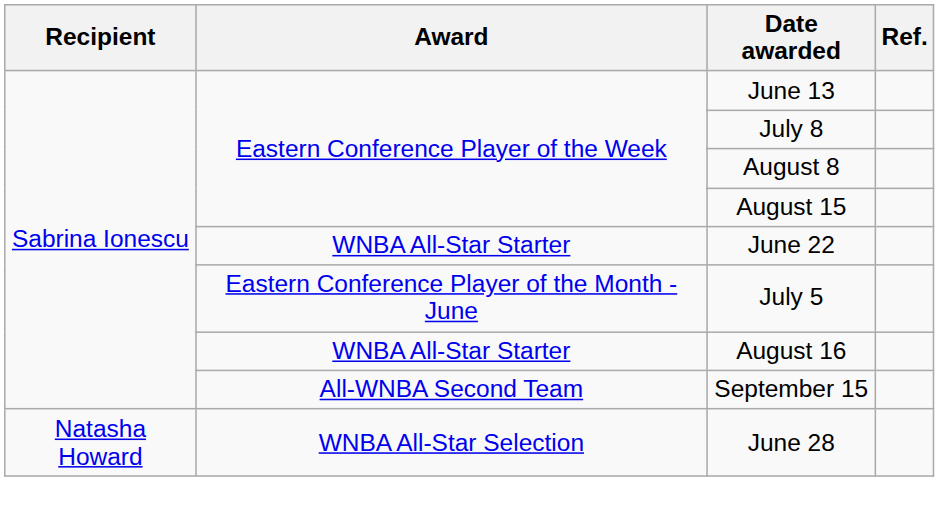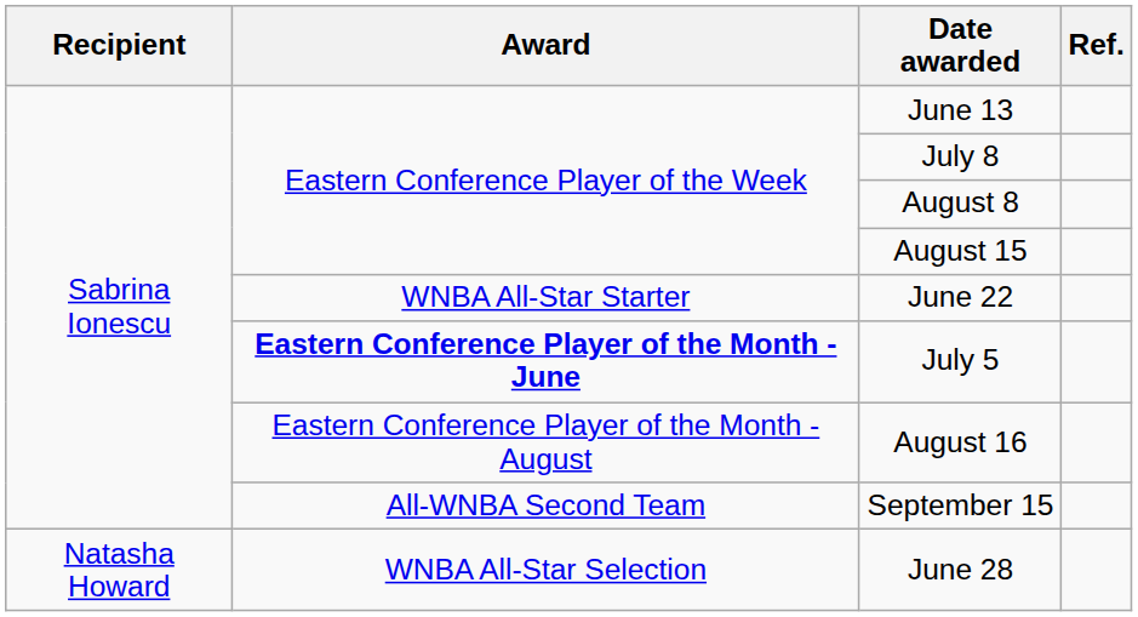 <table class="wikitable sortable sortable" style="text-align: center">
 <tr>
 <th>Recipient</th>
 <th>Award</th>
 <th>Date awarded</th>
 <th>Ref.</th>
 </tr>
 <tr>
 <td rowspan=8><a href='#'>Sabrina Ionescu</a></td>
 <td rowspan=4><a href='#'>Eastern Conference Player of the Week</a></td>
 <td>June 13</td>
 <td></td>
 </tr>
 <tr>
 <td>July 8</td>
 <td></td>
 </tr>
 <tr>
 <td>August 8</td>
 <td></td>
 </tr>
 <tr>
 <td>August 15</td>
 <td></td>
 </tr>
 <tr>
 <td><a href='#'>WNBA All-Star Starter</a></td>
 <td>June 22</td>
 <td></td>
 </tr>
 <tr>
-<td><a href='#'>Eastern Conference Player of the Month - June</a></td>
+<td><strong><a href='#'>Eastern Conference Player of the Month - June</a></strong></td>
 <td>July 5</td>
 <td></td>
 </tr>
 <tr>
-<td><a href='#'>WNBA All-Star Starter</a></td>
+<td><a href='#'>Eastern Conference Player of the Month - August</a></td>
 <td>August 16</td>
 <td></td>
 </tr>
 <tr>
 <td><a href='#'>All-WNBA Second Team</a></td>
 <td>September 15</td>
 <td></td>
 </tr>
 <tr>
 <td><a href='#'>Natasha Howard</a></td>
 <td><a href='#'>WNBA All-Star Selection</a></td>
 <td>June 28</td>
 <td></td>
 </tr>
 </table>
